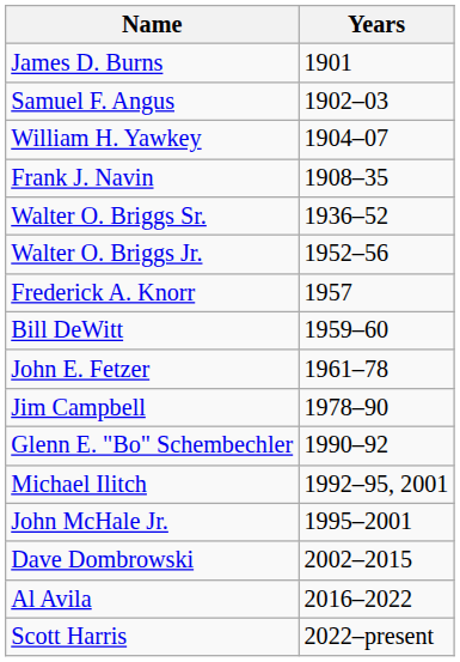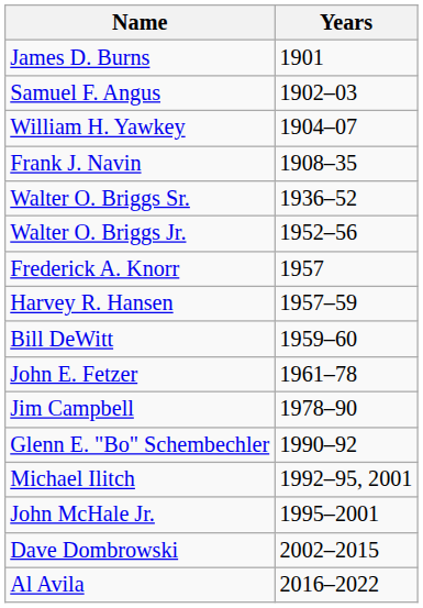 <table class="wikitable">
 <tr>
 <th>Name</th>
 <th>Years</th>
 </tr>
 <tr>
 <td><a href='#'>James D. Burns</a></td>
 <td>1901</td>
 </tr>
 <tr>
 <td><a href='#'>Samuel F. Angus</a></td>
 <td>1902–03</td>
 </tr>
 <tr>
 <td><a href='#'>William H. Yawkey</a></td>
 <td>1904–07</td>
 </tr>
 <tr>
 <td><a href='#'>Frank J. Navin</a></td>
 <td>1908–35</td>
 </tr>
 <tr>
 <td><a href='#'>Walter O. Briggs Sr.</a></td>
 <td>1936–52</td>
 </tr>
 <tr>
 <td><a href='#'>Walter O. Briggs Jr.</a></td>
 <td>1952–56</td>
 </tr>
 <tr>
 <td><a href='#'>Frederick A. Knorr</a></td>
 <td>1957</td>
 </tr>
 <tr>
+<td><a href='#'>Harvey R. Hansen</a></td>
+<td>1957–59</td>
+</tr>
+<tr>
 <td><a href='#'>Bill DeWitt</a></td>
 <td>1959–60</td>
 </tr>
 <tr>
 <td><a href='#'>John E. Fetzer</a></td>
 <td>1961–78</td>
 </tr>
 <tr>
 <td><a href='#'>Jim Campbell</a></td>
 <td>1978–90</td>
 </tr>
 <tr>
 <td><a href='#'>Glenn E. "Bo" Schembechler</a></td>
 <td>1990–92</td>
 </tr>
 <tr>
 <td><a href='#'>Michael Ilitch</a></td>
 <td>1992–95, 2001</td>
 </tr>
 <tr>
 <td><a href='#'>John McHale Jr.</a></td>
 <td>1995–2001</td>
 </tr>
 <tr>
 <td><a href='#'>Dave Dombrowski</a></td>
 <td>2002–2015</td>
 </tr>
 <tr>
 <td><a href='#'>Al Avila</a></td>
 <td>2016–2022</td>
 </tr>
-<tr>
-<td><a href='#'>Scott Harris</a></td>
-<td>2022–present</td>
-</tr>
 </table>
